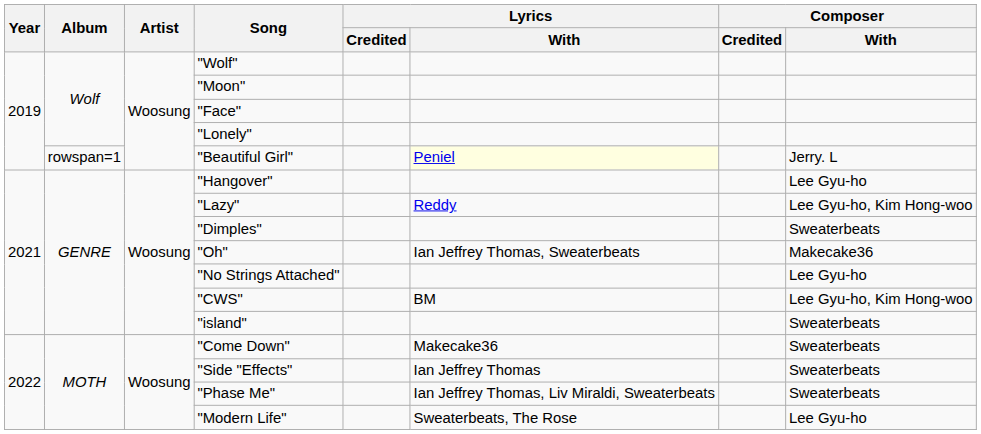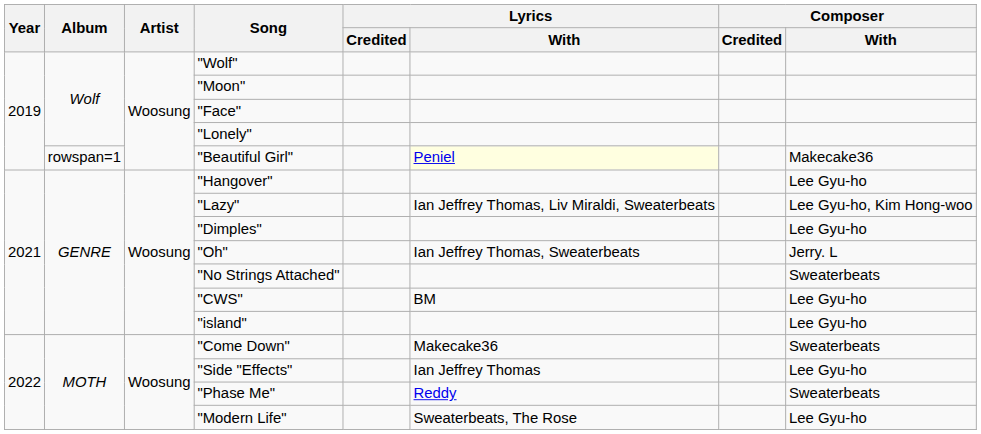 <table class="wikitable">
 <tr>
 <th rowspan="2">Year</th>
 <th rowspan="2">Album</th>
 <th rowspan="2">Artist</th>
 <th rowspan="2">Song</th>
 <th colspan="2">Lyrics</th>
 <th colspan="2">Composer</th>
 </tr>
 <tr>
 <th>Credited</th>
 <th>With</th>
 <th>Credited</th>
 <th>With</th>
 </tr>
 <tr>
 <td rowspan="5">2019</td>
 <td rowspan="4" style="text-align:center;"><em>Wolf</em></td>
 <td rowspan="5">Woosung</td>
 <td>"Wolf"</td>
 <td></td>
 <td></td>
 <td></td>
 <td></td>
 </tr>
 <tr>
 <td>"Moon"</td>
 <td></td>
 <td></td>
 <td></td>
 <td></td>
 </tr>
 <tr>
 <td>"Face"</td>
 <td></td>
 <td></td>
 <td></td>
 <td></td>
 </tr>
 <tr>
 <td>"Lonely"</td>
 <td></td>
 <td></td>
 <td></td>
 <td></td>
 </tr>
 <tr>
 <td>rowspan=1 </td>
 <td>"Beautiful Girl"</td>
 <td></td>
 <td style="background: lightyellow;"><a href='#'>Peniel</a></td>
 <td></td>
-<td>Jerry. L</td>
+<td>Makecake36</td>
 </tr>
 <tr>
 <td rowspan="7">2021</td>
 <td rowspan="7" style="text-align:center;"><em>GENRE</em></td>
 <td rowspan="7">Woosung</td>
 <td>"Hangover"</td>
 <td></td>
 <td></td>
 <td></td>
 <td>Lee Gyu-ho</td>
 </tr>
 <tr>
 <td>"Lazy"</td>
 <td></td>
-<td><a href='#'>Reddy</a></td>
+<td>Ian Jeffrey Thomas, Liv Miraldi, Sweaterbeats</td>
 <td></td>
 <td>Lee Gyu-ho, Kim Hong-woo</td>
 </tr>
 <tr>
 <td>"Dimples"</td>
 <td></td>
 <td></td>
 <td></td>
-<td>Sweaterbeats</td>
+<td>Lee Gyu-ho</td>
 </tr>
 <tr>
 <td>"Oh"</td>
 <td></td>
 <td>Ian Jeffrey Thomas, Sweaterbeats</td>
 <td></td>
-<td>Makecake36</td>
+<td>Jerry. L</td>
 </tr>
 <tr>
 <td>"No Strings Attached"</td>
 <td></td>
 <td></td>
 <td></td>
-<td>Lee Gyu-ho</td>
+<td>Sweaterbeats</td>
 </tr>
 <tr>
 <td>"CWS"</td>
 <td></td>
 <td>BM</td>
 <td></td>
-<td>Lee Gyu-ho, Kim Hong-woo</td>
+<td>Lee Gyu-ho</td>
 </tr>
 <tr>
 <td>"island"</td>
 <td></td>
 <td></td>
 <td></td>
-<td>Sweaterbeats</td>
+<td>Lee Gyu-ho</td>
 </tr>
 <tr>
 <td rowspan="5">2022</td>
 <td rowspan="4" style="text-align:center;"><em>MOTH</em></td>
 <td rowspan="6">Woosung</td>
 <td>"Come Down"</td>
 <td></td>
 <td>Makecake36</td>
 <td></td>
 <td>Sweaterbeats</td>
 </tr>
 <tr>
 <td>"Side "Effects"</td>
 <td></td>
 <td>Ian Jeffrey Thomas</td>
 <td></td>
-<td>Sweaterbeats</td>
+<td>Lee Gyu-ho</td>
 </tr>
 <tr>
 <td>"Phase Me"</td>
 <td></td>
-<td>Ian Jeffrey Thomas, Liv Miraldi, Sweaterbeats</td>
+<td><a href='#'>Reddy</a></td>
 <td></td>
 <td>Sweaterbeats</td>
 </tr>
 <tr>
 <td>"Modern Life"</td>
 <td></td>
 <td>Sweaterbeats, The Rose</td>
 <td></td>
 <td>Lee Gyu-ho</td>
 </tr>
 </table>
